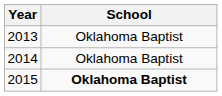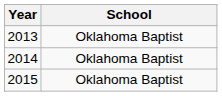 <table class="wikitable" style=text-align:center>
 <tr>
 <th>Year</th>
 <th width=200>School</th>
 </tr>
 <tr>
 <td>2013</td>
 <td>Oklahoma Baptist</td>
 </tr>
 <tr>
 <td>2014</td>
 <td>Oklahoma Baptist</td>
 </tr>
 <tr>
 <td>2015</td>
-<td><strong>Oklahoma Baptist</strong></td>
+<td>Oklahoma Baptist</td>
 </tr>
 </table>
